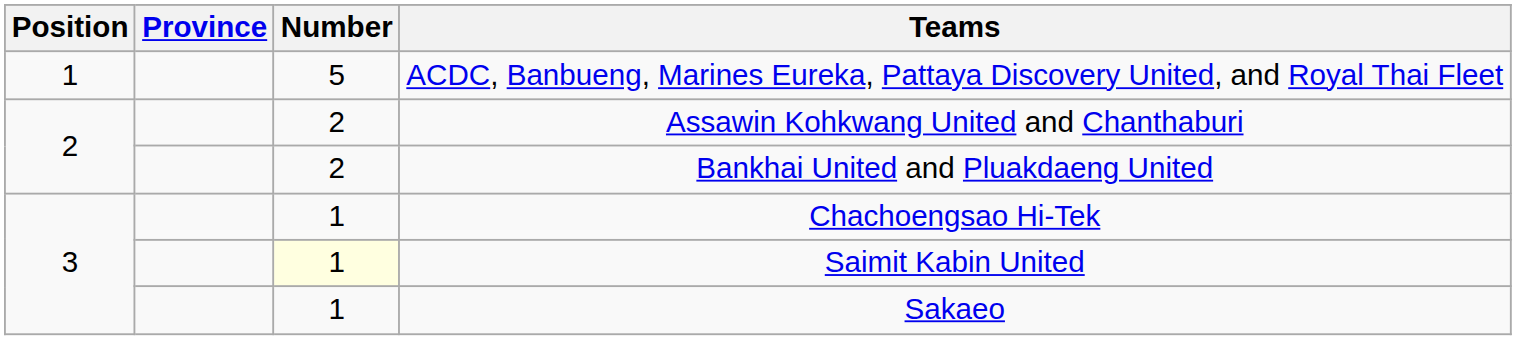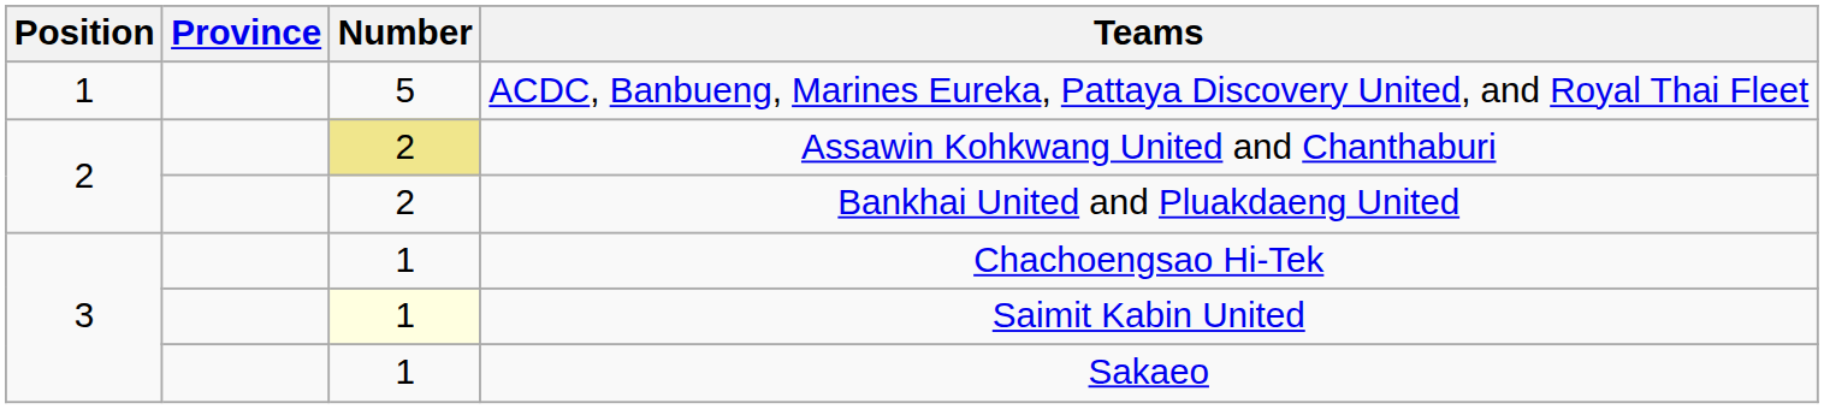 <table class="wikitable">
 <tr>
 <th>Position</th>
 <th><a href='#'>Province</a></th>
 <th>Number</th>
 <th>Teams</th>
 </tr>
 <tr>
 <td align=center>1</td>
 <td></td>
 <td align=center>5</td>
 <td align=center><a href='#'>ACDC</a>, <a href='#'>Banbueng</a>, <a href='#'>Marines Eureka</a>, <a href='#'>Pattaya Discovery United</a>, and <a href='#'>Royal Thai Fleet</a></td>
 </tr>
 <tr>
 <td align=center rowspan="2">2</td>
 <td></td>
-<td align=center>2</td>
+<td align=center style="background: khaki;">2</td>
 <td align=center><a href='#'>Assawin Kohkwang United</a> and <a href='#'>Chanthaburi</a></td>
 </tr>
 <tr>
 <td></td>
 <td align=center>2</td>
 <td align=center><a href='#'>Bankhai United</a> and <a href='#'>Pluakdaeng United</a></td>
 </tr>
 <tr>
 <td align=center rowspan="3">3</td>
 <td></td>
 <td align=center>1</td>
 <td align=center><a href='#'>Chachoengsao Hi-Tek</a></td>
 </tr>
 <tr>
 <td></td>
 <td align=center style="background: lightyellow;">1</td>
 <td align=center><a href='#'>Saimit Kabin United</a></td>
 </tr>
 <tr>
 <td></td>
 <td align=center>1</td>
 <td align=center><a href='#'>Sakaeo</a></td>
 </tr>
 </table>
